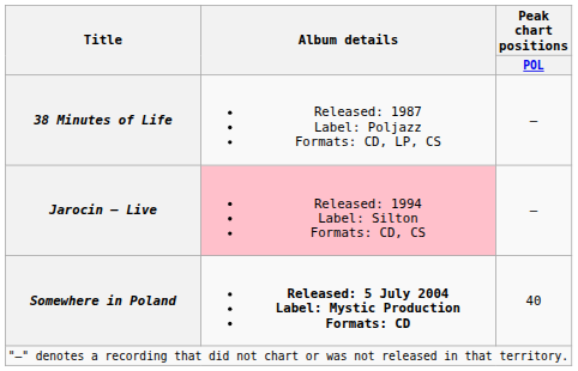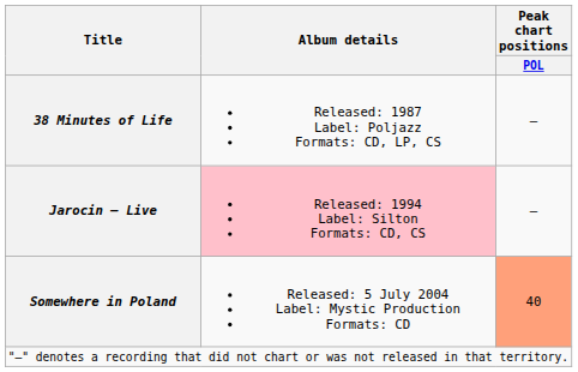 <table class="wikitable plainrowheaders" style="text-align:center;">
 <tr>
 <th scope="col" rowspan="2">Title</th>
 <th scope="col" rowspan="2">Album details</th>
 <th scope="col" colspan="1">Peak chart positions</th>
 </tr>
 <tr>
 <th scope="col" style="width:3em;font-size:90%;"><a href='#'>POL</a><br></th>
 </tr>
 <tr>
 <th scope="row"><em>38 Minutes of Life</em></th>
 <td><br><ul><li>Released: 1987</li><li>Label: Poljazz</li><li>Formats: CD, LP, CS</li></ul></td>
 <td>—</td>
 </tr>
 <tr>
 <th scope="row"><em>Jarocin – Live</em></th>
 <td style="background: pink;"><br><ul><li>Released: 1994</li><li>Label: Silton</li><li>Formats: CD, CS</li></ul></td>
 <td>—</td>
 </tr>
 <tr>
 <th scope="row"><em>Somewhere in Poland</em></th>
-<td><strong><br><ul><li>Released: 5 July 2004</li><li>Label: Mystic Production</li><li>Formats: CD</li></ul></strong></td>
-<td>40</td>
+<td><br><ul><li>Released: 5 July 2004</li><li>Label: Mystic Production</li><li>Formats: CD</li></ul></td>
+<td style="background: lightsalmon;">40</td>
 </tr>
 <tr>
 <td colspan="15" style="font-size:90%">"—" denotes a recording that did not chart or was not released in that territory.</td>
 </tr>
 </table>
